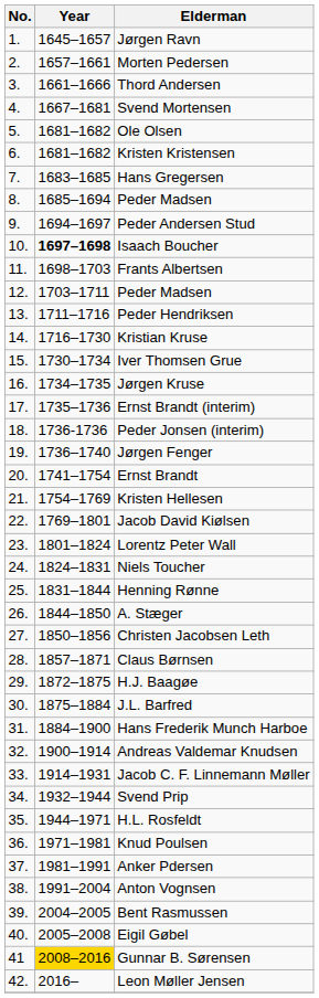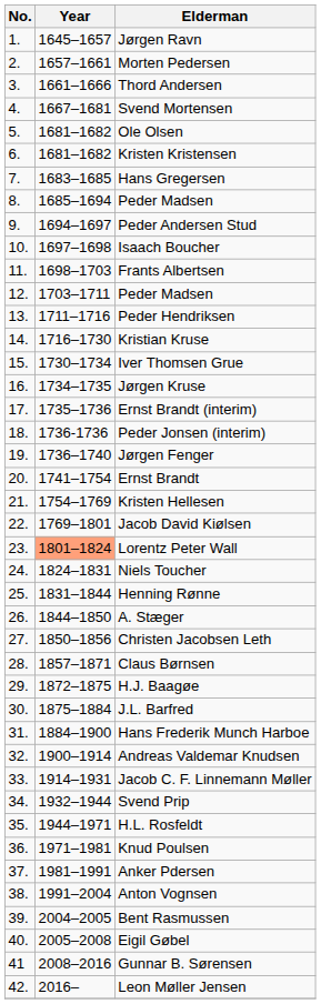 <table class="wikitable sortable">
 <tr>
 <th>No.</th>
 <th>Year</th>
 <th>Elderman</th>
 </tr>
 <tr>
 <td>1.</td>
 <td>1645–1657</td>
 <td>Jørgen Ravn</td>
 </tr>
 <tr>
 <td>2.</td>
 <td>1657–1661</td>
 <td>Morten Pedersen</td>
 </tr>
 <tr>
 <td>3.</td>
 <td>1661–1666</td>
 <td>Thord Andersen</td>
 </tr>
 <tr>
 <td>4.</td>
 <td>1667–1681</td>
 <td>Svend Mortensen</td>
 </tr>
 <tr>
 <td>5.</td>
 <td>1681–1682</td>
 <td>Ole Olsen</td>
 </tr>
 <tr>
 <td>6.</td>
 <td>1681–1682</td>
 <td>Kristen Kristensen</td>
 </tr>
 <tr>
 <td>7.</td>
 <td>1683–1685</td>
 <td>Hans Gregersen</td>
 </tr>
 <tr>
 <td>8.</td>
 <td>1685–1694</td>
 <td>Peder Madsen</td>
 </tr>
 <tr>
 <td>9.</td>
 <td>1694–1697</td>
 <td>Peder Andersen Stud</td>
 </tr>
 <tr>
 <td>10.</td>
-<td><strong>1697–1698</strong></td>
+<td>1697–1698</td>
 <td>Isaach Boucher</td>
 </tr>
 <tr>
 <td>11.</td>
 <td>1698–1703</td>
 <td>Frants Albertsen</td>
 </tr>
 <tr>
 <td>12.</td>
 <td>1703–1711</td>
 <td>Peder Madsen</td>
 </tr>
 <tr>
 <td>13.</td>
 <td>1711–1716</td>
 <td>Peder Hendriksen</td>
 </tr>
 <tr>
 <td>14.</td>
 <td>1716–1730</td>
 <td>Kristian Kruse</td>
 </tr>
 <tr>
 <td>15.</td>
 <td>1730–1734</td>
 <td>Iver Thomsen Grue</td>
 </tr>
 <tr>
 <td>16.</td>
 <td>1734–1735</td>
 <td>Jørgen Kruse</td>
 </tr>
 <tr>
 <td>17.</td>
 <td>1735–1736</td>
 <td>Ernst Brandt (interim)</td>
 </tr>
 <tr>
 <td>18.</td>
 <td>1736-1736</td>
 <td>Peder Jonsen (interim)</td>
 </tr>
 <tr>
 <td>19.</td>
 <td>1736–1740</td>
 <td>Jørgen Fenger</td>
 </tr>
 <tr>
 <td>20.</td>
 <td>1741–1754</td>
 <td>Ernst Brandt</td>
 </tr>
 <tr>
 <td>21.</td>
 <td>1754–1769</td>
 <td>Kristen Hellesen</td>
 </tr>
 <tr>
 <td>22.</td>
 <td>1769–1801</td>
 <td>Jacob David Kiølsen</td>
 </tr>
 <tr>
 <td>23.</td>
-<td>1801–1824</td>
+<td style="background: lightsalmon;">1801–1824</td>
 <td>Lorentz Peter Wall</td>
 </tr>
 <tr>
 <td>24.</td>
 <td>1824–1831</td>
 <td>Niels Toucher</td>
 </tr>
 <tr>
 <td>25.</td>
 <td>1831–1844</td>
 <td>Henning Rønne</td>
 </tr>
 <tr>
 <td>26.</td>
 <td>1844–1850</td>
 <td>A. Stæger</td>
 </tr>
 <tr>
 <td>27.</td>
 <td>1850–1856</td>
 <td>Christen Jacobsen Leth</td>
 </tr>
 <tr>
 <td>28.</td>
 <td>1857–1871</td>
 <td>Claus Børnsen</td>
 </tr>
 <tr>
 <td>29.</td>
 <td>1872–1875</td>
 <td>H.J. Baagøe</td>
 </tr>
 <tr>
 <td>30.</td>
 <td>1875–1884</td>
 <td>J.L. Barfred</td>
 </tr>
 <tr>
 <td>31.</td>
 <td>1884–1900</td>
 <td>Hans Frederik Munch Harboe</td>
 </tr>
 <tr>
 <td>32.</td>
 <td>1900–1914</td>
 <td>Andreas Valdemar Knudsen</td>
 </tr>
 <tr>
 <td>33.</td>
 <td>1914–1931</td>
 <td>Jacob C. F. Linnemann Møller</td>
 </tr>
 <tr>
 <td>34.</td>
 <td>1932–1944</td>
 <td>Svend Prip</td>
 </tr>
 <tr>
 <td>35.</td>
 <td>1944–1971</td>
 <td>H.L. Rosfeldt</td>
 </tr>
 <tr>
 <td>36.</td>
 <td>1971–1981</td>
 <td>Knud Poulsen</td>
 </tr>
 <tr>
 <td>37.</td>
 <td>1981–1991</td>
 <td>Anker Pdersen</td>
 </tr>
 <tr>
 <td>38.</td>
 <td>1991–2004</td>
 <td>Anton Vognsen</td>
 </tr>
 <tr>
 <td>39.</td>
 <td>2004–2005</td>
 <td>Bent Rasmussen</td>
 </tr>
 <tr>
 <td>40.</td>
 <td>2005–2008</td>
 <td>Eigil Gøbel</td>
 </tr>
 <tr>
 <td>41</td>
-<td style="background: gold;">2008–2016</td>
+<td>2008–2016</td>
 <td>Gunnar B. Sørensen</td>
 </tr>
 <tr>
 <td>42.</td>
 <td>2016–</td>
 <td>Leon Møller Jensen</td>
 </tr>
 <tr>
 </tr>
 </table>
